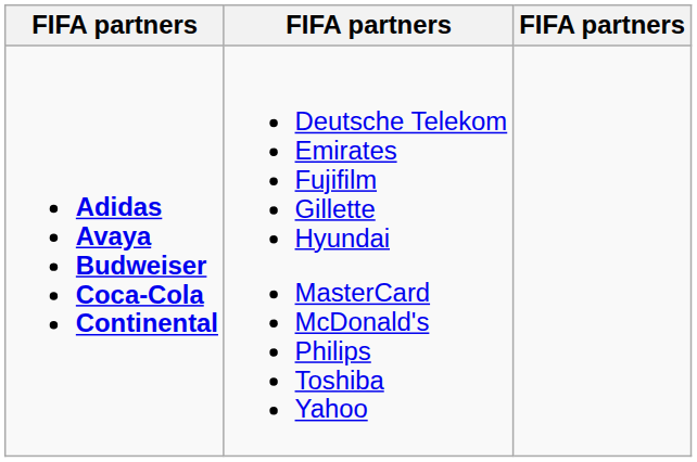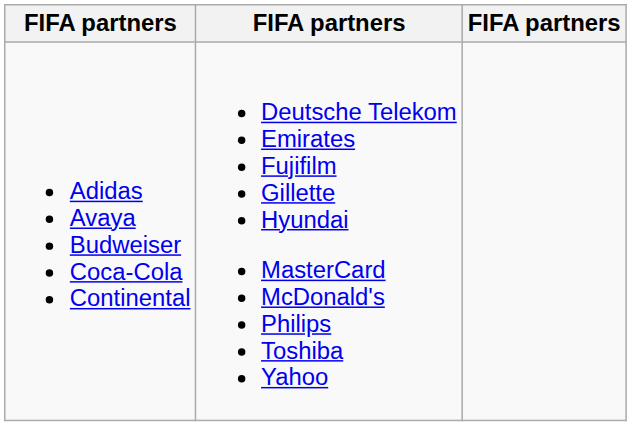 <table class="wikitable">
 <tr>
 <th>FIFA partners</th>
 <th>FIFA partners</th>
 <th>FIFA partners</th>
 </tr>
 <tr>
-<td><strong><br><ul><li><a href='#'>Adidas</a></li><li><a href='#'>Avaya</a></li><li><a href='#'>Budweiser</a></li><li><a href='#'>Coca-Cola</a></li><li><a href='#'>Continental</a></li></ul></strong></td>
+<td><br><ul><li><a href='#'>Adidas</a></li><li><a href='#'>Avaya</a></li><li><a href='#'>Budweiser</a></li><li><a href='#'>Coca-Cola</a></li><li><a href='#'>Continental</a></li></ul></td>
 <td><br> <ul><li><a href='#'>Deutsche Telekom</a></li><li><a href='#'>Emirates</a></li><li><a href='#'>Fujifilm</a></li><li><a href='#'>Gillette</a></li><li><a href='#'>Hyundai</a></li></ul> <ul><li><a href='#'>MasterCard</a></li><li><a href='#'>McDonald's</a></li><li><a href='#'>Philips</a></li><li><a href='#'>Toshiba</a></li><li><a href='#'>Yahoo</a></li></ul></td>
 </tr>
 </table>
